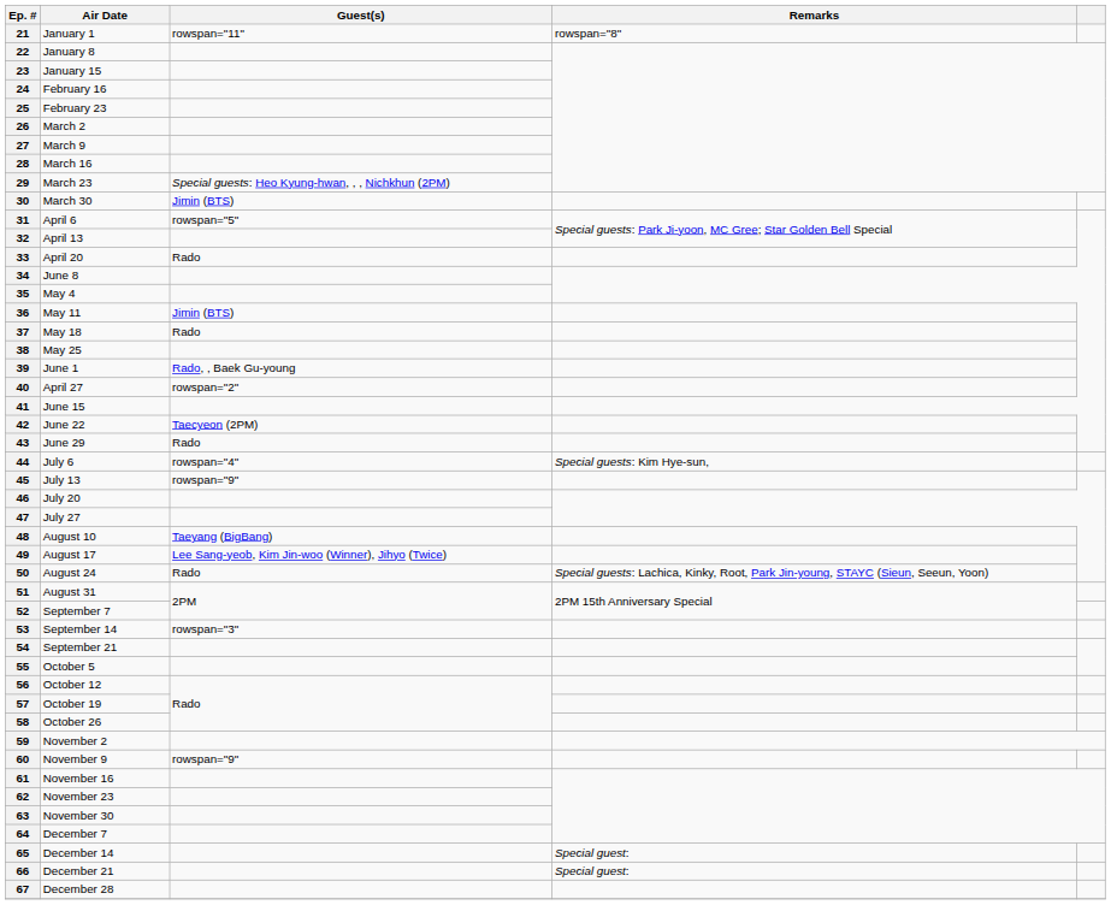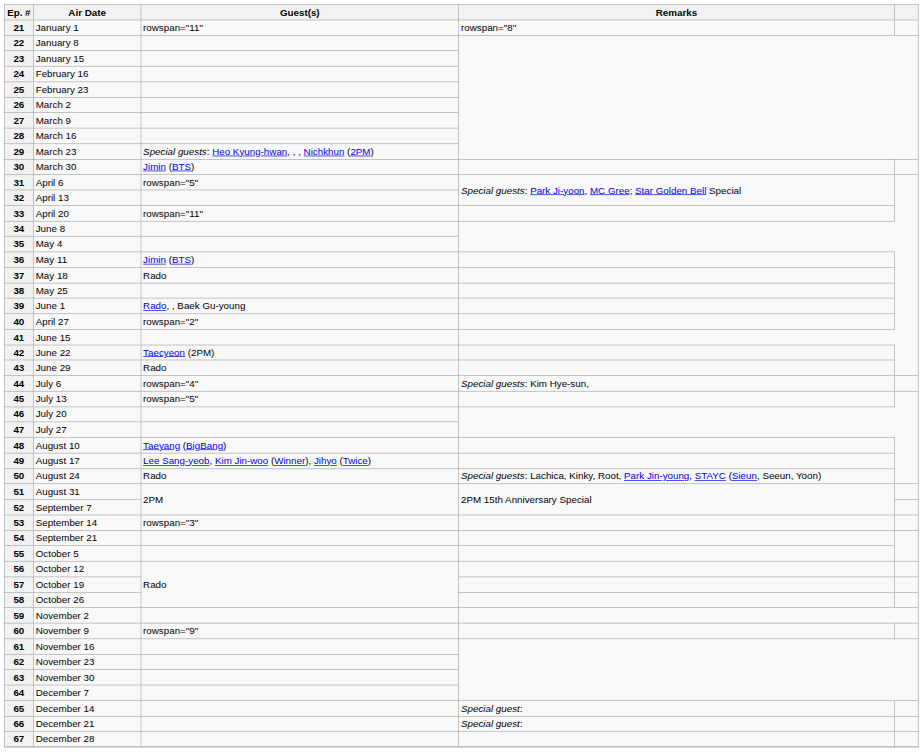 <table class="wikitable" style = "font-size: 90%;">
 <tr>
 <th style="width:2.5em;">Ep. #</th>
 <th style="width:10.5em;">Air Date</th>
 <th style="width:32em;">Guest(s)</th>
 <th style="width:44em;">Remarks</th>
 <th style="width:2em;"></th>
 </tr>
 <tr>
 <th>21</th>
 <td>January 1</td>
 <td>rowspan="11" </td>
 <td>rowspan="8" </td>
 <td></td>
 </tr>
 <tr>
 <th>22</th>
 <td>January 8</td>
 <td></td>
 </tr>
 <tr>
 <th>23</th>
 <td>January 15</td>
 <td></td>
 </tr>
 <tr>
 <th>24</th>
 <td>February 16</td>
 <td></td>
 </tr>
 <tr>
 <th>25</th>
 <td>February 23</td>
 <td></td>
 </tr>
 <tr>
 <th>26</th>
 <td>March 2</td>
 <td></td>
 </tr>
 <tr>
 <th>27</th>
 <td>March 9</td>
 <td></td>
 </tr>
 <tr>
 <th>28</th>
 <td>March 16</td>
 <td></td>
 </tr>
 <tr>
 <th>29</th>
 <td>March 23</td>
 <td><em>Special guests</em>: <a href='#'>Heo Kyung-hwan</a>, , , <a href='#'>Nichkhun</a> (<a href='#'>2PM</a>)</td>
 </tr>
 <tr>
 <th>30</th>
 <td>March 30</td>
 <td><a href='#'>Jimin</a> (<a href='#'>BTS</a>)</td>
 <td></td>
 <td></td>
 </tr>
 <tr>
 <th>31</th>
 <td>April 6</td>
 <td>rowspan="5" </td>
 <td rowspan="2"><em>Special guests</em>: <a href='#'>Park Ji-yoon</a>, <a href='#'>MC Gree</a>; <a href='#'>Star Golden Bell</a> Special</td>
 </tr>
 <tr>
 <th>32</th>
 <td>April 13</td>
 <td></td>
 </tr>
 <tr>
 <th>33</th>
 <td>April 20</td>
-<td>Rado</td>
+<td>rowspan="11" </td>
 <td></td>
 </tr>
 <tr>
 <th>34</th>
 <td>June 8</td>
 <td></td>
 </tr>
 <tr>
 <th>35</th>
 <td>May 4</td>
 <td></td>
 </tr>
 <tr>
 <th>36</th>
 <td>May 11</td>
 <td><a href='#'>Jimin</a> (<a href='#'>BTS</a>)</td>
 <td></td>
 </tr>
 <tr>
 <th>37</th>
 <td>May 18</td>
 <td>Rado</td>
 <td></td>
 </tr>
 <tr>
 <th>38</th>
 <td>May 25</td>
 <td></td>
 <td></td>
 </tr>
 <tr>
 <th>39</th>
 <td>June 1</td>
 <td><a href='#'>Rado</a>, , Baek Gu-young</td>
 <td></td>
 </tr>
 <tr>
 <th>40</th>
 <td>April 27</td>
 <td>rowspan="2" </td>
 <td></td>
 </tr>
 <tr>
 <th>41</th>
 <td>June 15</td>
 <td></td>
 </tr>
 <tr>
 <th>42</th>
 <td>June 22</td>
 <td><a href='#'>Taecyeon</a> (2PM)</td>
 <td></td>
 </tr>
 <tr>
 <th>43</th>
 <td>June 29</td>
 <td>Rado</td>
 <td></td>
 </tr>
 <tr>
 <th>44</th>
 <td>July 6</td>
 <td>rowspan="4" </td>
 <td><em>Special guests</em>: Kim Hye-sun, </td>
 <td></td>
 </tr>
 <tr>
 <th>45</th>
 <td>July 13</td>
-<td>rowspan="9" </td>
+<td>rowspan="5" </td>
 <td></td>
 </tr>
 <tr>
 <th>46</th>
 <td>July 20</td>
 <td></td>
 </tr>
 <tr>
 <th>47</th>
 <td>July 27</td>
 <td></td>
 </tr>
 <tr>
 <th>48</th>
 <td>August 10</td>
 <td><a href='#'>Taeyang</a> (<a href='#'>BigBang</a>)</td>
 <td></td>
 </tr>
 <tr>
 <th>49</th>
 <td>August 17</td>
 <td><a href='#'>Lee Sang-yeob</a>, <a href='#'>Kim Jin-woo</a> (<a href='#'>Winner</a>), <a href='#'>Jihyo</a> (<a href='#'>Twice</a>)</td>
 <td></td>
 </tr>
 <tr>
 <th>50</th>
 <td>August 24</td>
 <td>Rado</td>
 <td><em>Special guests</em>: Lachica, Kinky, Root, <a href='#'>Park Jin-young</a>, <a href='#'>STAYC</a> (<a href='#'>Sieun</a>, Seeun, Yoon)</td>
 </tr>
 <tr>
 <th>51</th>
 <td>August 31</td>
 <td rowspan="2">2PM</td>
 <td rowspan="2">2PM 15th Anniversary Special</td>
 <td></td>
 </tr>
 <tr>
 <th>52</th>
 <td>September 7</td>
 <td></td>
 </tr>
 <tr>
 <th>53</th>
 <td>September 14</td>
 <td>rowspan="3" </td>
 <td></td>
 <td></td>
 </tr>
 <tr>
 <th>54</th>
 <td>September 21</td>
 <td></td>
 <td></td>
 </tr>
 <tr>
 <th>55</th>
 <td>October 5</td>
 <td></td>
 <td></td>
 </tr>
 <tr>
 <th>56</th>
 <td>October 12</td>
 <td Rowspan="3">Rado</td>
 <td></td>
 <td></td>
 </tr>
 <tr>
 <th>57</th>
 <td>October 19</td>
 <td></td>
 <td></td>
 </tr>
 <tr>
 <th>58</th>
 <td>October 26</td>
 <td></td>
 <td></td>
 </tr>
 <tr>
 <th>59</th>
 <td>November 2</td>
 <td></td>
 </tr>
 <tr>
 <th>60</th>
 <td>November 9</td>
 <td>rowspan="9" </td>
 <td></td>
 <td></td>
 </tr>
 <tr>
 <th>61</th>
 <td>November 16</td>
 <td></td>
 </tr>
 <tr>
 <th>62</th>
 <td>November 23</td>
 <td></td>
 </tr>
 <tr>
 <th>63</th>
 <td>November 30</td>
 <td></td>
 </tr>
 <tr>
 <th>64</th>
 <td>December 7</td>
 <td></td>
 </tr>
 <tr>
 <th>65</th>
 <td>December 14</td>
 <td></td>
 <td><em>Special guest</em>: </td>
 <td></td>
 </tr>
 <tr>
 <th>66</th>
 <td>December 21</td>
 <td></td>
 <td><em>Special guest</em>:</td>
 <td></td>
 </tr>
 <tr>
 <th>67</th>
 <td>December 28</td>
 <td></td>
 <td></td>
 <td></td>
 </tr>
 <tr>
 </tr>
 </table>
